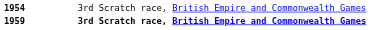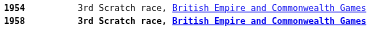 <table>
 <tr>
 <td style="width: 20%;"><strong>1954</strong></td>
 <td>3rd Scratch race, <a href='#'>British Empire and Commonwealth Games</a></td>
 </tr>
 <tr>
-<td><strong>1959</strong></td>
+<td><strong>1958</strong></td>
 <td><strong>3rd Scratch race, <a href='#'>British Empire and Commonwealth Games</a></strong></td>
 </tr>
 </table>
